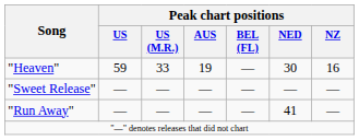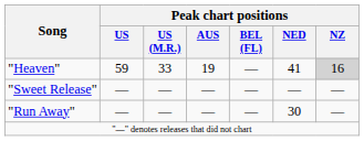 <table class="wikitable" style="text-align:center;">
 <tr>
 <th rowspan="2">Song</th>
 <th colspan="8">Peak chart positions</th>
 </tr>
 <tr style="font-size:smaller;">
 <th width="45" valign="top"><a href='#'>US</a></th>
 <th width="45" valign="top"><a href='#'>US (M.R.)</a></th>
 <th width="45" valign="top"><a href='#'>AUS</a></th>
 <th width="45" valign="top"><a href='#'>BEL (FL)</a></th>
 <th width="45" valign="top"><a href='#'>NED</a></th>
 <th width="45" valign="top"><a href='#'>NZ</a></th>
 </tr>
 <tr>
 <td align="left">"<a href='#'>Heaven</a>"</td>
 <td>59</td>
 <td>33</td>
 <td>19</td>
 <td>—</td>
-<td>30</td>
-<td>16</td>
+<td>41</td>
+<td style="background: lightgrey;">16</td>
 </tr>
 <tr>
 <td align="left">"<a href='#'>Sweet Release</a>"</td>
 <td>—</td>
 <td>—</td>
 <td>—</td>
 <td>—</td>
 <td>—</td>
 <td>—</td>
 </tr>
 <tr>
 <td align="left">"<a href='#'>Run Away</a>"</td>
 <td>—</td>
 <td>—</td>
 <td>—</td>
 <td>—</td>
-<td>41</td>
+<td>30</td>
 <td>—</td>
 </tr>
 <tr>
 <td colspan="12" style="font-size:8pt">"—" denotes releases that did not chart</td>
 </tr>
 </table>
